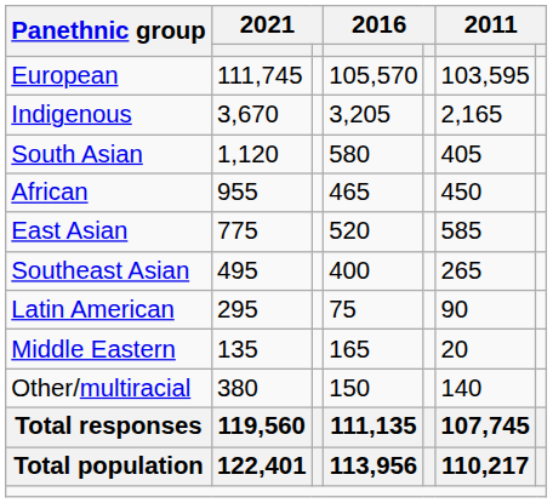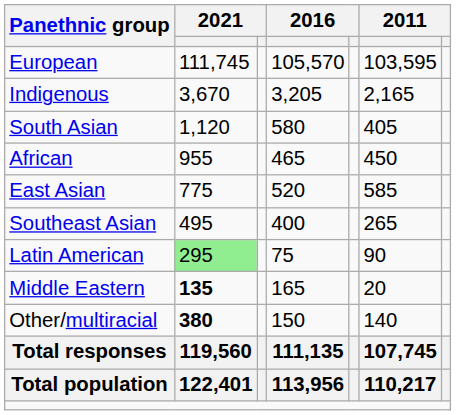 <table class="wikitable collapsible sortable">
 <tr>
 <th rowspan="2"><a href='#'>Panethnic</a> group</th>
 <th colspan="2">2021</th>
 <th colspan="2">2016</th>
 <th colspan="2">2011</th>
 </tr>
 <tr>
 <th><a href='#'></a></th>
 <th></th>
 <th></th>
 <th></th>
 <th></th>
 <th></th>
 </tr>
 <tr>
 <td><a href='#'>European</a></td>
 <td>111,745</td>
 <td></td>
 <td>105,570</td>
 <td></td>
 <td>103,595</td>
 <td></td>
 </tr>
 <tr>
 <td><a href='#'>Indigenous</a></td>
 <td>3,670</td>
 <td></td>
 <td>3,205</td>
 <td></td>
 <td>2,165</td>
 <td></td>
 </tr>
 <tr>
 <td><a href='#'>South Asian</a></td>
 <td>1,120</td>
 <td></td>
 <td>580</td>
 <td></td>
 <td>405</td>
 <td></td>
 </tr>
 <tr>
 <td><a href='#'>African</a></td>
 <td>955</td>
 <td></td>
 <td>465</td>
 <td></td>
 <td>450</td>
 <td></td>
 </tr>
 <tr>
 <td><a href='#'>East Asian</a></td>
 <td>775</td>
 <td></td>
 <td>520</td>
 <td></td>
 <td>585</td>
 <td></td>
 </tr>
 <tr>
 <td><a href='#'>Southeast Asian</a></td>
 <td>495</td>
 <td></td>
 <td>400</td>
 <td></td>
 <td>265</td>
 <td></td>
 </tr>
 <tr>
 <td><a href='#'>Latin American</a></td>
-<td>295</td>
+<td style="background: lightgreen;">295</td>
 <td></td>
 <td>75</td>
 <td></td>
 <td>90</td>
 <td></td>
 </tr>
 <tr>
 <td><a href='#'>Middle Eastern</a></td>
-<td>135</td>
+<td><strong>135</strong></td>
 <td></td>
 <td>165</td>
 <td></td>
 <td>20</td>
 <td></td>
 </tr>
 <tr>
 <td>Other/<a href='#'>multiracial</a></td>
-<td>380</td>
+<td><strong>380</strong></td>
 <td></td>
 <td>150</td>
 <td></td>
 <td>140</td>
 <td></td>
 </tr>
 <tr>
 <th>Total responses</th>
 <th>119,560</th>
 <th></th>
 <th>111,135</th>
 <th></th>
 <th>107,745</th>
 <th></th>
 </tr>
 <tr class="sortbottom">
 <th>Total population</th>
 <th>122,401</th>
 <th></th>
 <th>113,956</th>
 <th></th>
 <th>110,217</th>
 <th></th>
 </tr>
 <tr class="sortbottom">
 <td colspan="15"></td>
 </tr>
 </table>
